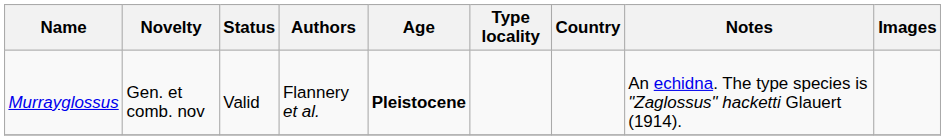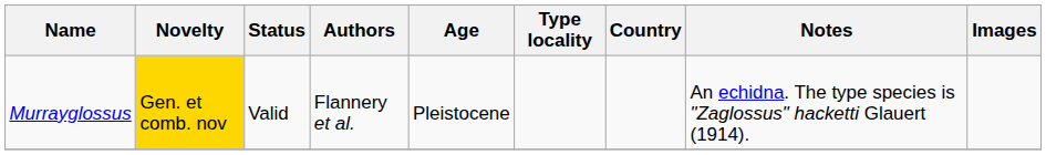 <table class="wikitable sortable" align="center" width="100%">
 <tr>
 <th>Name</th>
 <th>Novelty</th>
 <th>Status</th>
 <th>Authors</th>
 <th>Age</th>
 <th>Type locality</th>
 <th>Country</th>
 <th>Notes</th>
 <th>Images</th>
 </tr>
 <tr>
 <td><br><em><a href='#'>Murrayglossus</a></em></td>
-<td><br>Gen. et comb. nov</td>
+<td style="background: gold;"><br>Gen. et comb. nov</td>
 <td><br>Valid</td>
 <td><br>Flannery <em>et al.</em></td>
-<td><strong><br>Pleistocene</strong></td>
+<td><br>Pleistocene</td>
 <td></td>
 <td><br></td>
 <td><br>An <a href='#'>echidna</a>. The type species is <em>"Zaglossus" hacketti</em> Glauert (1914).</td>
 <td></td>
 </tr>
 <tr>
 </tr>
 </table>
